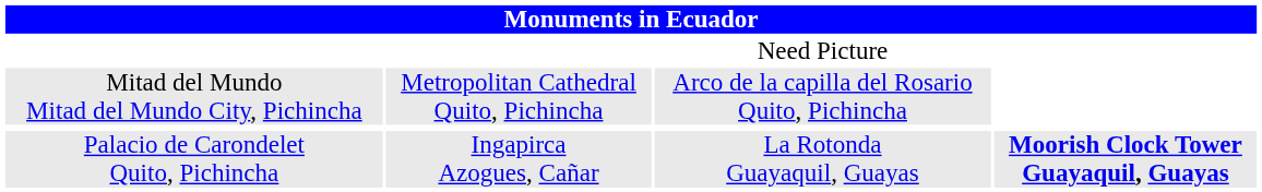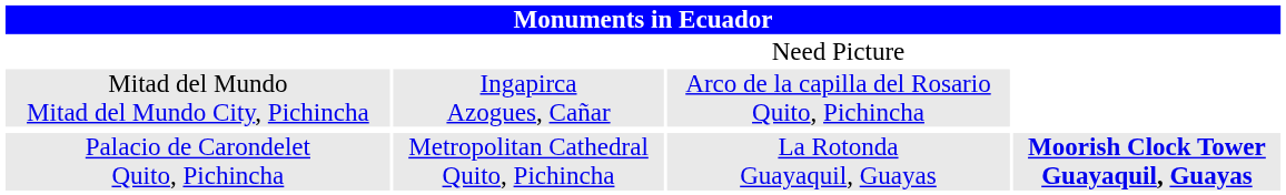 <table class="toc" cellpadding=0 cellspacing=2 width=800px style="float:center; margin: 0.5em 0.5em 0.5em 1em; padding: 0.5e">
 <tr>
 <td colspan=8 style="background:#green; color:white; font-size:100%" align=center bgcolor="blue"><strong>Monuments in Ecuador</strong></td>
 </tr>
 <tr>
 <td align=center valign=center bgcolor="white"></td>
 <td align=center valign=center bgcolor="white"></td>
 <td align=center valign=center bgcolor="white">Need Picture</td>
 </tr>
 <tr>
 <td style="background:#e9e9e9;" align=center>Mitad del Mundo<br><a href='#'>Mitad del Mundo City</a>, <a href='#'>Pichincha</a></td>
-<td style="background:#e9e9e9;" align=center><a href='#'>Metropolitan Cathedral</a><br><a href='#'>Quito</a>, <a href='#'>Pichincha</a></td>
+<td style="background:#e9e9e9;" align=center><a href='#'>Ingapirca</a><br><a href='#'>Azogues</a>, <a href='#'>Cañar</a></td>
 <td style="background:#e9e9e9;" align=center><a href='#'>Arco de la capilla del Rosario</a><br><a href='#'>Quito</a>, <a href='#'>Pichincha</a></td>
 </tr>
 <tr>
 <td align=center valign=center bgcolor="white"></td>
 <td align=center valign=center bgcolor="white"></td>
 <td align=center valign=center bgcolor="white"></td>
 <td align=center valign=center bgcolor="white"></td>
 </tr>
 <tr>
 <td style="background:#e9e9e9;" align=center><a href='#'>Palacio de Carondelet</a><br><a href='#'>Quito</a>, <a href='#'>Pichincha</a></td>
-<td style="background:#e9e9e9;" align=center><a href='#'>Ingapirca</a><br><a href='#'>Azogues</a>, <a href='#'>Cañar</a></td>
+<td style="background:#e9e9e9;" align=center><a href='#'>Metropolitan Cathedral</a><br><a href='#'>Quito</a>, <a href='#'>Pichincha</a></td>
 <td style="background:#e9e9e9;" align=center><a href='#'>La Rotonda</a><br><a href='#'>Guayaquil</a>, <a href='#'>Guayas</a></td>
 <td style="background:#e9e9e9;" align=center><strong><a href='#'>Moorish Clock Tower</a><br><a href='#'>Guayaquil</a>, <a href='#'>Guayas</a></strong></td>
 </tr>
 <tr>
 </tr>
 </table>
